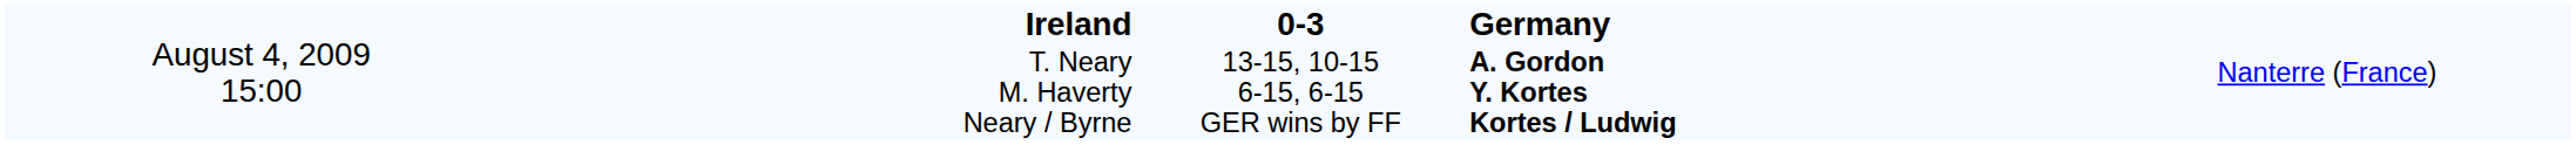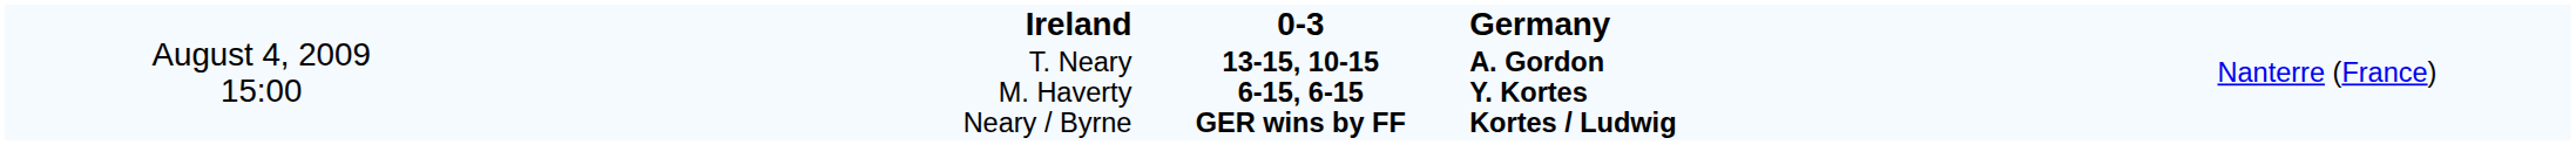 <table style="width: 100%; background:#F5FAFF;" cellspacing="0">
 <tr>
 <td align=center rowspan=3 width=20%>August 4, 2009<br>15:00</td>
 </tr>
 <tr>
 <td width=24% align=right><strong>Ireland</strong></td>
 <td align=center width=13%><strong>0-3</strong></td>
 <td width=24%><strong>Germany</strong></td>
 <td style=font-size:85% rowspan=3 valign=middle align=center><a href='#'>Nanterre</a> (<a href='#'>France</a>)</td>
 </tr>
 <tr style=font-size:85%>
 <td align=right valign=top>T. Neary<br>M. Haverty<br>Neary / Byrne</td>
-<td align=center>13-15, 10-15<br>6-15, 6-15<br>GER wins by FF</td>
+<td align=center><strong>13-15, 10-15<br>6-15, 6-15<br>GER wins by FF</strong></td>
 <td valign=top><strong>A. Gordon<br>Y. Kortes<br>Kortes / Ludwig</strong></td>
 </tr>
 </table>
